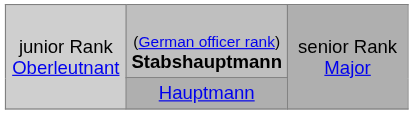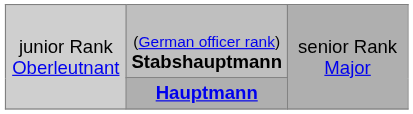 <table class="toccolours" border="1" cellpadding="4" cellspacing="0" style="border-collapse: collapse; margin: 0.5em auto; clear: both;">
 <tr>
 <td width="30%" align="center" rowspan="2" style="background:#cfcfcf;">junior Rank<br><a href='#'>Oberleutnant</a></td>
 <td width="40%" align="center" rowspan="1" style="background:#bfbfbf;"> <br><small>(<a href='#'>German officer rank</a>)</small><br><strong>Stabshauptmann</strong></td>
 <td width="30%" align="center" rowspan="2" style="background:#afafaf;">senior Rank<br><a href='#'>Major</a></td>
 </tr>
 <tr>
-<td width="40%" align="center"  style="background:#afafaf;"><a href='#'>Hauptmann</a></td>
+<td width="40%" align="center"  style="background:#afafaf;"><strong><a href='#'>Hauptmann</a></strong></td>
 </tr>
 </table>
